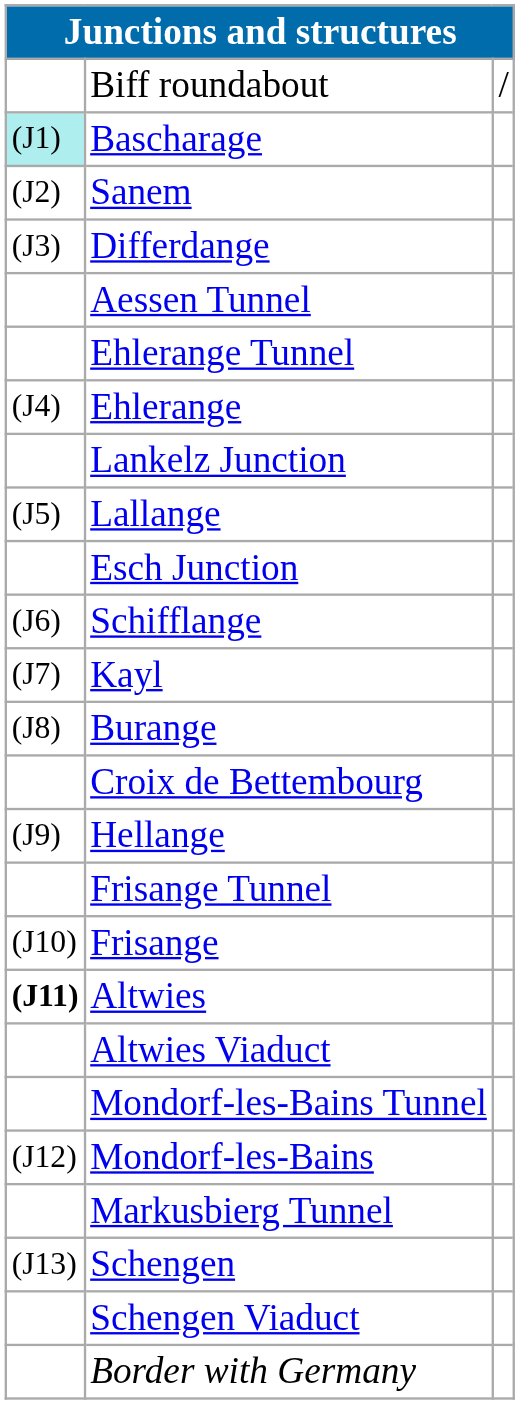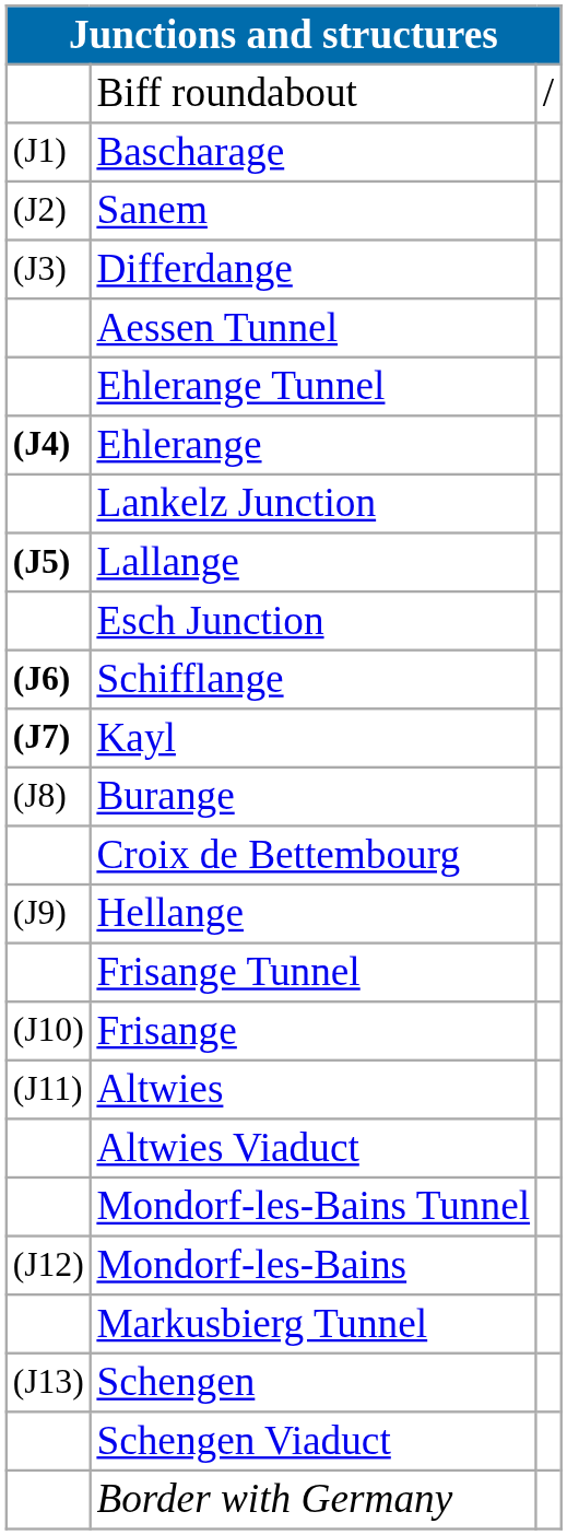 <table border="1" cellpadding="2" cellspacing="0" align="left" style="margin-left:0.5em; border:1px solid #aaa; border-collapse:collapse;">
 <tr>
 <td colspan=3 style="color:#ffffff;background-color:#006CAC; text-align: center;"><strong>Junctions and structures</strong></td>
 </tr>
 <tr>
 <td cellpadding="0" cellspacing="0"  style="font-size:85%; margin:12px"></td>
 <td>Biff roundabout</td>
 <td> / </td>
 </tr>
 <tr>
-<td cellpadding="0" cellspacing="0"  style="background: paleturquoise; font-size:85%; margin:12px"> (J1)</td>
+<td cellpadding="0" cellspacing="0"  style="font-size:85%; margin:12px"> (J1)</td>
 <td><a href='#'>Bascharage</a></td>
 <td></td>
 </tr>
 <tr>
 <td cellpadding="0" cellspacing="0"  style="font-size:85%; margin:12px"> (J2)</td>
 <td><a href='#'>Sanem</a></td>
 <td></td>
 </tr>
 <tr>
 <td cellpadding="0" cellspacing="0"  style="font-size:85%; margin:12px"> (J3)</td>
 <td><a href='#'>Differdange</a></td>
 <td></td>
 </tr>
 <tr>
 <td cellpadding="0" cellspacing="0"  style="font-size:85%; margin:12px"></td>
 <td><a href='#'>Aessen Tunnel</a></td>
 <td></td>
 </tr>
 <tr>
 <td cellpadding="0" cellspacing="0"  style="font-size:85%; margin:12px"></td>
 <td><a href='#'>Ehlerange Tunnel</a></td>
 <td></td>
 </tr>
 <tr>
-<td cellpadding="0" cellspacing="0"  style="font-size:85%; margin:12px"> (J4)</td>
+<td cellpadding="0" cellspacing="0"  style="font-size:85%; margin:12px"><strong> (J4)</strong></td>
 <td><a href='#'>Ehlerange</a></td>
 <td></td>
 </tr>
 <tr>
 <td style="font-size:85%;"></td>
 <td><a href='#'>Lankelz Junction</a></td>
 <td></td>
 </tr>
 <tr>
-<td cellpadding="0" cellspacing="0"  style="font-size:85%; margin:12px"> (J5)</td>
+<td cellpadding="0" cellspacing="0"  style="font-size:85%; margin:12px"><strong> (J5)</strong></td>
 <td><a href='#'>Lallange</a></td>
 <td></td>
 </tr>
 <tr>
 <td style="font-size:85%;"></td>
 <td><a href='#'>Esch Junction</a></td>
 <td></td>
 </tr>
 <tr>
-<td cellpadding="0" cellspacing="0"  style="font-size:85%; margin:12px"> (J6)</td>
+<td cellpadding="0" cellspacing="0"  style="font-size:85%; margin:12px"><strong> (J6)</strong></td>
 <td><a href='#'>Schifflange</a></td>
 <td></td>
 </tr>
 <tr>
-<td cellpadding="0" cellspacing="0"  style="font-size:85%; margin:12px"> (J7)</td>
+<td cellpadding="0" cellspacing="0"  style="font-size:85%; margin:12px"><strong> (J7)</strong></td>
 <td><a href='#'>Kayl</a></td>
 <td></td>
 </tr>
 <tr>
 <td cellpadding="0" cellspacing="0"  style="font-size:85%; margin:12px"> (J8)</td>
 <td><a href='#'>Burange</a></td>
 <td></td>
 </tr>
 <tr>
 <td style="font-size:85%;"></td>
 <td><a href='#'>Croix de Bettembourg</a></td>
 <td></td>
 </tr>
 <tr>
 <td cellpadding="0" cellspacing="0"  style="font-size:85%; margin:12px"> (J9)</td>
 <td><a href='#'>Hellange</a></td>
 <td></td>
 </tr>
 <tr>
 <td cellpadding="0" cellspacing="0"  style="font-size:85%; margin:12px"></td>
 <td><a href='#'>Frisange Tunnel</a></td>
 <td></td>
 </tr>
 <tr>
 <td cellpadding="0" cellspacing="0"  style="font-size:85%; margin:12px"> (J10)</td>
 <td><a href='#'>Frisange</a></td>
 <td></td>
 </tr>
 <tr>
-<td cellpadding="0" cellspacing="0"  style="font-size:85%; margin:12px"><strong> (J11)</strong></td>
+<td cellpadding="0" cellspacing="0"  style="font-size:85%; margin:12px"> (J11)</td>
 <td><a href='#'>Altwies</a></td>
 <td></td>
 </tr>
 <tr>
 <td cellpadding="0" cellspacing="0"  style="font-size:85%; margin:12px"></td>
 <td><a href='#'>Altwies Viaduct</a></td>
 <td></td>
 </tr>
 <tr>
 <td cellpadding="0" cellspacing="0"  style="font-size:85%; margin:12px"></td>
 <td><a href='#'>Mondorf-les-Bains Tunnel</a></td>
 <td></td>
 </tr>
 <tr>
 <td cellpadding="0" cellspacing="0"  style="font-size:85%; margin:12px"> (J12)</td>
 <td><a href='#'>Mondorf-les-Bains</a></td>
 <td></td>
 </tr>
 <tr>
 <td cellpadding="0" cellspacing="0"  style="font-size:85%; margin:12px"></td>
 <td><a href='#'>Markusbierg Tunnel</a></td>
 <td></td>
 </tr>
 <tr>
 <td cellpadding="0" cellspacing="0"  style="font-size:85%; margin:12px"> (J13)</td>
 <td><a href='#'>Schengen</a></td>
 <td></td>
 </tr>
 <tr>
 <td cellpadding="0" cellspacing="0"  style="font-size:85%; margin:12px"></td>
 <td><a href='#'>Schengen Viaduct</a></td>
 <td></td>
 </tr>
 <tr>
 <td style="font-size:85%;"></td>
 <td><em>Border with Germany</em></td>
 <td></td>
 </tr>
 </table>
